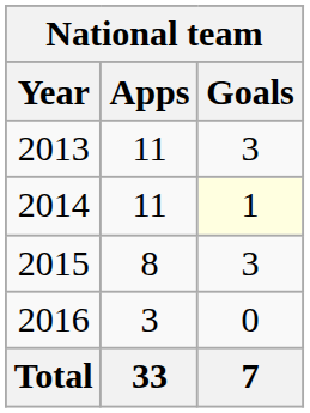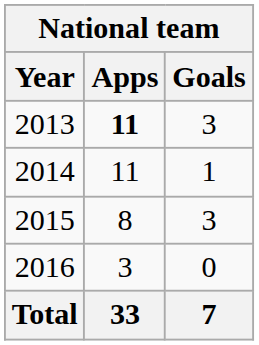 <table class="wikitable" style="text-align:center">
 <tr>
 <th colspan=3>National team</th>
 </tr>
 <tr>
 <th>Year</th>
 <th>Apps</th>
 <th>Goals</th>
 </tr>
 <tr>
 <td>2013</td>
-<td>11</td>
+<td><strong>11</strong></td>
 <td>3</td>
 </tr>
 <tr>
 <td>2014</td>
 <td>11</td>
-<td style="background: lightyellow;">1</td>
+<td>1</td>
 </tr>
 <tr>
 <td>2015</td>
 <td>8</td>
 <td>3</td>
 </tr>
 <tr>
 <td>2016</td>
 <td>3</td>
 <td>0</td>
 </tr>
 <tr>
 <th>Total</th>
 <th>33</th>
 <th>7</th>
 </tr>
 </table>
